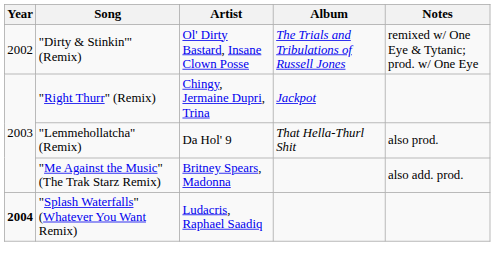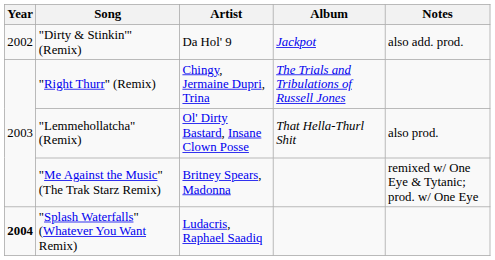 <table class="wikitable plainrowheaders sortable">
 <tr>
 <th>Year</th>
 <th>Song</th>
 <th>Artist</th>
 <th>Album</th>
 <th>Notes</th>
 </tr>
 <tr>
 <td>2002</td>
 <td>"Dirty & Stinkin'" (Remix)</td>
-<td><a href='#'>Ol' Dirty Bastard</a>, <a href='#'>Insane Clown Posse</a></td>
-<td><em><a href='#'>The Trials and Tribulations of Russell Jones</a></em></td>
-<td>remixed w/ One Eye & Tytanic; prod. w/ One Eye</td>
+<td>Da Hol' 9</td>
+<td><em><a href='#'>Jackpot</a></em></td>
+<td>also add. prod.</td>
 </tr>
 <tr>
 <td rowspan="3">2003</td>
 <td>"<a href='#'>Right Thurr</a>" (Remix)</td>
 <td><a href='#'>Chingy</a>, <a href='#'>Jermaine Dupri</a>, <a href='#'>Trina</a></td>
-<td><em><a href='#'>Jackpot</a></em></td>
+<td><em><a href='#'>The Trials and Tribulations of Russell Jones</a></em></td>
 <td></td>
 </tr>
 <tr>
 <td>"Lemmehollatcha" (Remix)</td>
-<td>Da Hol' 9</td>
+<td><a href='#'>Ol' Dirty Bastard</a>, <a href='#'>Insane Clown Posse</a></td>
 <td><em>That Hella-Thurl Shit</em></td>
 <td>also prod.</td>
 </tr>
 <tr>
 <td>"<a href='#'>Me Against the Music</a>" (The Trak Starz Remix)</td>
 <td><a href='#'>Britney Spears</a>, <a href='#'>Madonna</a></td>
 <td></td>
-<td>also add. prod.</td>
+<td>remixed w/ One Eye & Tytanic; prod. w/ One Eye</td>
 </tr>
 <tr>
 <td><strong>2004</strong></td>
 <td>"<a href='#'>Splash Waterfalls</a>" (<a href='#'>Whatever You Want</a> Remix)</td>
 <td><a href='#'>Ludacris</a>, <a href='#'>Raphael Saadiq</a></td>
 <td></td>
 <td></td>
 </tr>
 </table>
